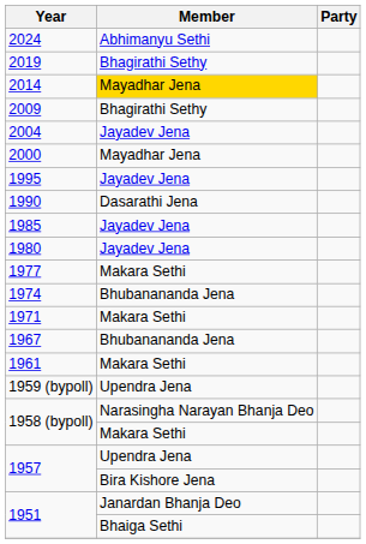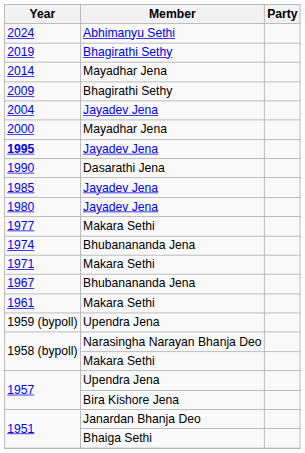 <table class="wikitable sortable">
 <tr>
 <th>Year</th>
 <th>Member</th>
 <th colspan=2>Party</th>
 </tr>
 <tr>
 <td><a href='#'>2024</a></td>
 <td><a href='#'>Abhimanyu Sethi</a></td>
 <td></td>
 </tr>
 <tr>
 <td><a href='#'>2019</a></td>
 <td><a href='#'>Bhagirathi Sethy</a></td>
 <td></td>
 </tr>
 <tr>
 <td><a href='#'>2014</a></td>
-<td style="background: gold;">Mayadhar Jena</td>
+<td>Mayadhar Jena</td>
 <td></td>
 </tr>
 <tr>
 <td><a href='#'>2009</a></td>
 <td>Bhagirathi Sethy</td>
 <td></td>
 </tr>
 <tr>
 <td><a href='#'>2004</a></td>
 <td><a href='#'>Jayadev Jena</a></td>
 <td></td>
 </tr>
 <tr>
 <td><a href='#'>2000</a></td>
 <td>Mayadhar Jena</td>
 <td></td>
 </tr>
 <tr>
-<td><a href='#'>1995</a></td>
+<td><strong><a href='#'>1995</a></strong></td>
 <td><a href='#'>Jayadev Jena</a></td>
 <td></td>
 </tr>
 <tr>
 <td><a href='#'>1990</a></td>
 <td>Dasarathi Jena</td>
 <td></td>
 </tr>
 <tr>
 <td><a href='#'>1985</a></td>
 <td><a href='#'>Jayadev Jena</a></td>
 <td></td>
 </tr>
 <tr>
 <td><a href='#'>1980</a></td>
 <td><a href='#'>Jayadev Jena</a></td>
 <td></td>
 </tr>
 <tr>
 <td><a href='#'>1977</a></td>
 <td>Makara Sethi</td>
 <td></td>
 </tr>
 <tr>
 <td><a href='#'>1974</a></td>
 <td>Bhubanananda Jena</td>
 <td></td>
 </tr>
 <tr>
 <td><a href='#'>1971</a></td>
 <td>Makara Sethi</td>
 <td></td>
 </tr>
 <tr>
 <td><a href='#'>1967</a></td>
 <td>Bhubanananda Jena</td>
 <td></td>
 </tr>
 <tr>
 <td><a href='#'>1961</a></td>
 <td>Makara Sethi</td>
 <td></td>
 </tr>
 <tr>
 <td>1959 (bypoll)</td>
 <td>Upendra Jena</td>
 <td></td>
 </tr>
 <tr>
 <td rowspan="2">1958 (bypoll)</td>
 <td>Narasingha Narayan Bhanja Deo</td>
 <td></td>
 </tr>
 <tr>
 <td>Makara Sethi</td>
 <td></td>
 </tr>
 <tr>
 <td rowspan="2"><a href='#'>1957</a></td>
 <td>Upendra Jena</td>
 <td></td>
 </tr>
 <tr>
 <td>Bira Kishore Jena</td>
 <td></td>
 </tr>
 <tr>
 <td rowspan="2"><a href='#'>1951</a></td>
 <td>Janardan Bhanja Deo</td>
 <td></td>
 </tr>
 <tr>
 <td>Bhaiga Sethi</td>
 <td></td>
 </tr>
 <tr>
 </tr>
 </table>
